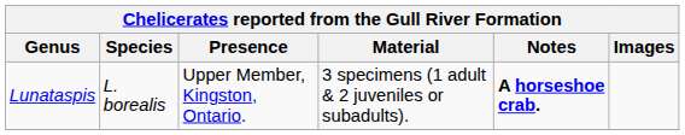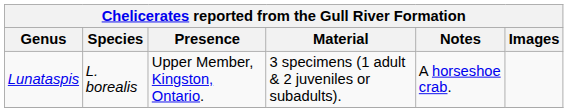 <table class="wikitable" align="center">
 <tr>
 <th colspan="6" align="center"><strong><a href='#'>Chelicerates</a> reported from the Gull River Formation</strong></th>
 </tr>
 <tr>
 <th>Genus</th>
 <th>Species</th>
 <th>Presence</th>
 <th><strong>Material</strong></th>
 <th>Notes</th>
 <th>Images</th>
 </tr>
 <tr>
 <td><em><a href='#'>Lunataspis</a></em></td>
 <td><em>L. borealis</em></td>
 <td>Upper Member, <a href='#'>Kingston, Ontario</a>.</td>
 <td>3 specimens (1 adult & 2 juveniles or subadults).</td>
-<td><strong>A <a href='#'>horseshoe crab</a>.</strong></td>
+<td>A <a href='#'>horseshoe crab</a>.</td>
 <td></td>
 </tr>
 <tr>
 </tr>
 </table>
